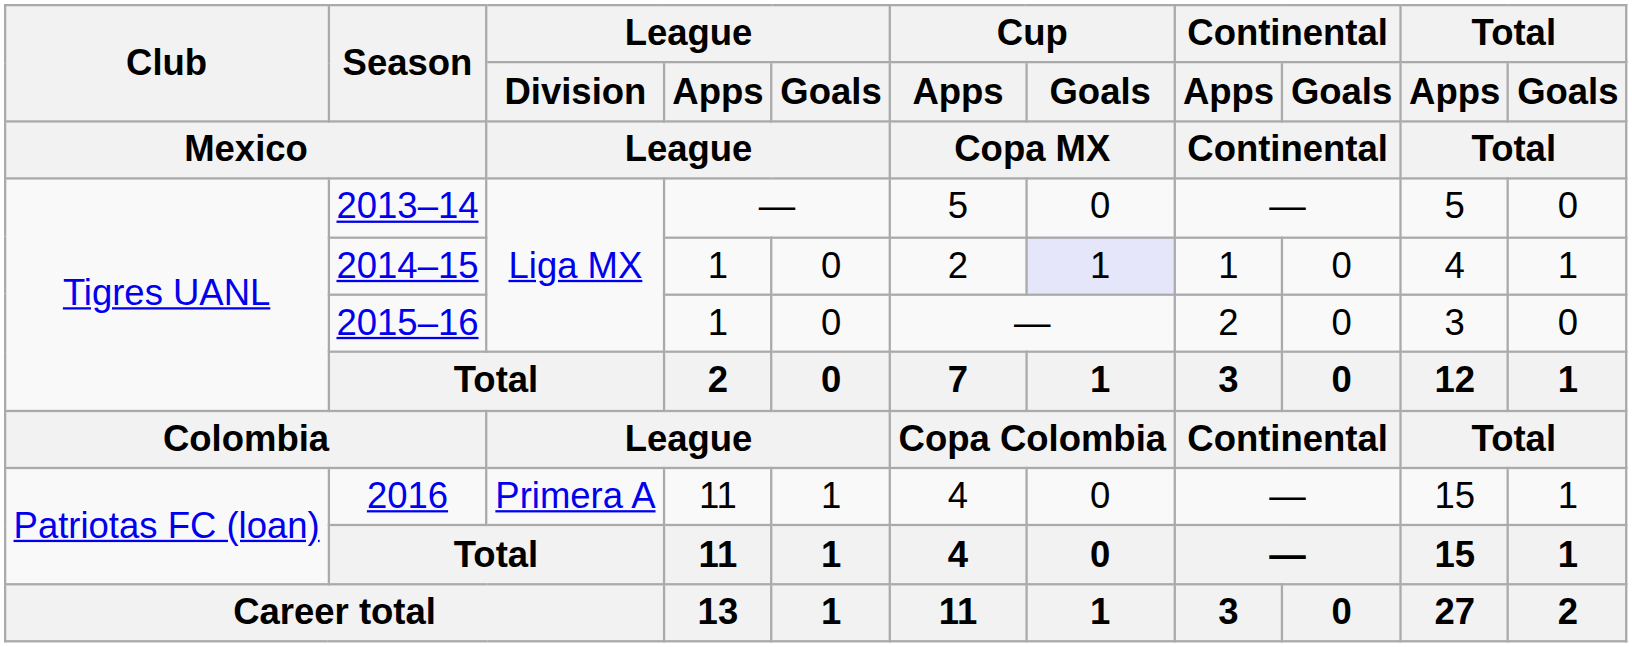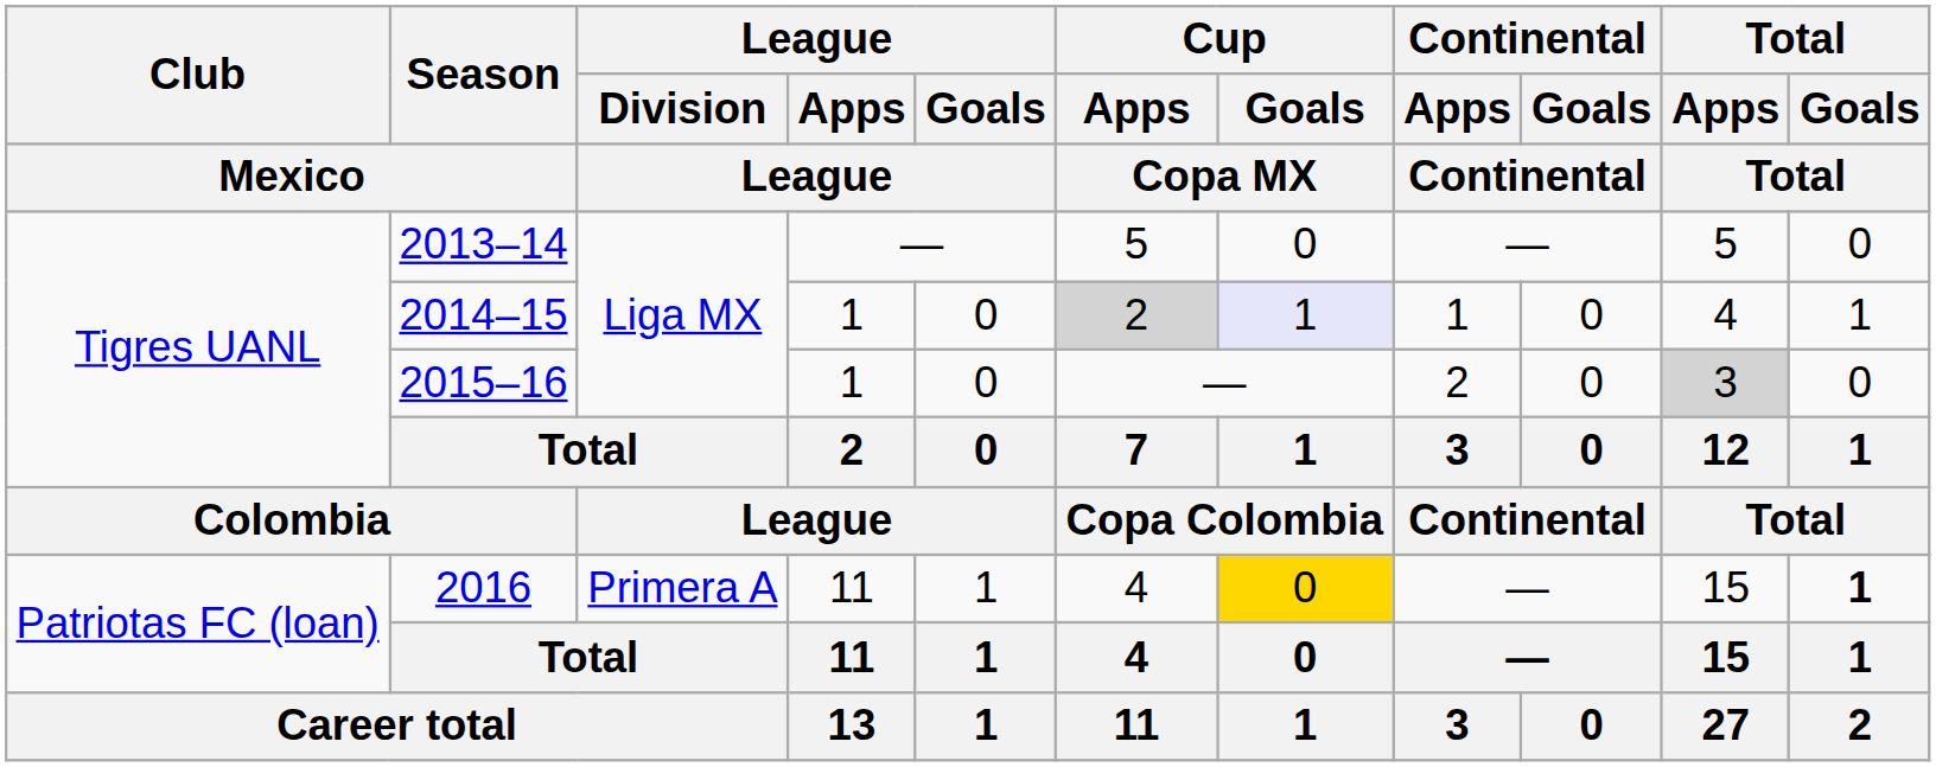 <table class="wikitable" style="text-align:center">
 <tr>
 <th rowspan="2">Club</th>
 <th rowspan="2">Season</th>
 <th colspan="3">League</th>
 <th colspan="2">Cup</th>
 <th colspan="2">Continental</th>
 <th colspan="2">Total</th>
 </tr>
 <tr>
 <th>Division</th>
 <th>Apps</th>
 <th>Goals</th>
 <th>Apps</th>
 <th>Goals</th>
 <th>Apps</th>
 <th>Goals</th>
 <th>Apps</th>
 <th>Goals</th>
 </tr>
 <tr>
 <th colspan="2">Mexico</th>
 <th colspan="3">League</th>
 <th colspan="2">Copa MX</th>
 <th colspan="2">Continental</th>
 <th colspan="2">Total</th>
 </tr>
 <tr>
 <td rowspan="4"><a href='#'>Tigres UANL</a></td>
 <td><a href='#'>2013–14</a></td>
 <td rowspan="3"><a href='#'>Liga MX</a></td>
 <td colspan="2">—</td>
 <td>5</td>
 <td>0</td>
 <td colspan="2">—</td>
 <td>5</td>
 <td>0</td>
 </tr>
 <tr>
 <td><a href='#'>2014–15</a></td>
 <td>1</td>
 <td>0</td>
-<td>2</td>
+<td style="background: lightgrey;">2</td>
 <td style="background: lavender;">1</td>
 <td>1</td>
 <td>0</td>
 <td>4</td>
 <td>1</td>
 </tr>
 <tr>
 <td><a href='#'>2015–16</a></td>
 <td>1</td>
 <td>0</td>
 <td colspan="2">—</td>
 <td>2</td>
 <td>0</td>
-<td>3</td>
+<td style="background: lightgrey;">3</td>
 <td>0</td>
 </tr>
 <tr>
 <th colspan="2">Total</th>
 <th>2</th>
 <th>0</th>
 <th>7</th>
 <th>1</th>
 <th>3</th>
 <th>0</th>
 <th>12</th>
 <th>1</th>
 </tr>
 <tr>
 <th colspan="2">Colombia</th>
 <th colspan="3">League</th>
 <th colspan="2">Copa Colombia</th>
 <th colspan="2">Continental</th>
 <th colspan="2">Total</th>
 </tr>
 <tr>
 <td rowspan="2"><a href='#'>Patriotas FC (loan)</a></td>
 <td><a href='#'>2016</a></td>
 <td><a href='#'>Primera A</a></td>
 <td>11</td>
 <td>1</td>
 <td>4</td>
-<td>0</td>
+<td style="background: gold;">0</td>
 <td colspan="2">—</td>
 <td>15</td>
-<td>1</td>
+<td><strong>1</strong></td>
 </tr>
 <tr>
 <th colspan="2">Total</th>
 <th>11</th>
 <th>1</th>
 <th>4</th>
 <th>0</th>
 <th colspan="2">—</th>
 <th>15</th>
 <th>1</th>
 </tr>
 <tr>
 <th colspan="3">Career total</th>
 <th>13</th>
 <th>1</th>
 <th>11</th>
 <th>1</th>
 <th>3</th>
 <th>0</th>
 <th>27</th>
 <th>2</th>
 </tr>
 </table>
